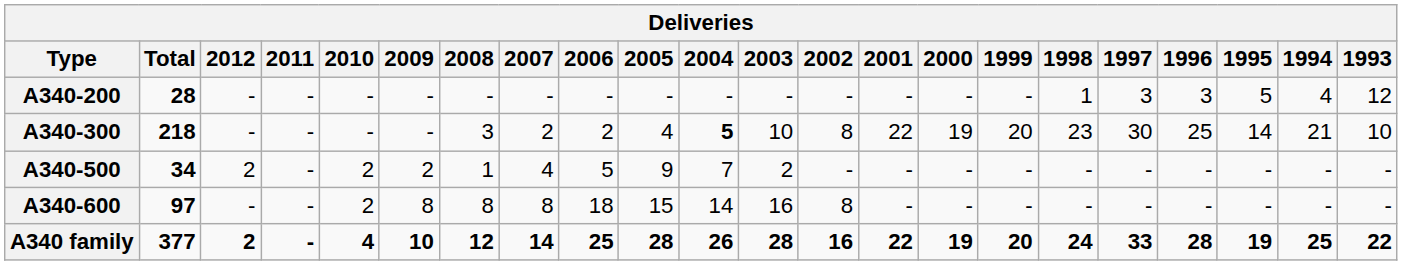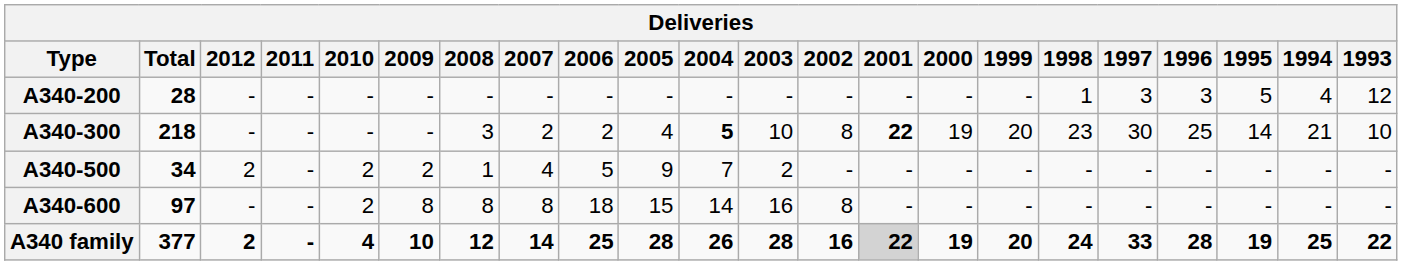 <table class="wikitable" style="text-align:right; font-size:96%;">
 <tr>
 <th colspan="22">Deliveries</th>
 </tr>
 <tr>
 <th>Type</th>
 <th>Total</th>
 <th>2012</th>
 <th>2011</th>
 <th>2010</th>
 <th>2009</th>
 <th>2008</th>
 <th>2007</th>
 <th>2006</th>
 <th>2005</th>
 <th>2004</th>
 <th>2003</th>
 <th>2002</th>
 <th>2001</th>
 <th>2000</th>
 <th>1999</th>
 <th>1998</th>
 <th>1997</th>
 <th>1996</th>
 <th>1995</th>
 <th>1994</th>
 <th>1993</th>
 </tr>
 <tr>
 <th>A340-200</th>
 <td><strong>28</strong></td>
 <td>-</td>
 <td>-</td>
 <td>-</td>
 <td>-</td>
 <td>-</td>
 <td>-</td>
 <td>-</td>
 <td>-</td>
 <td>-</td>
 <td>-</td>
 <td>-</td>
 <td>-</td>
 <td>-</td>
 <td>-</td>
 <td>1</td>
 <td>3</td>
 <td>3</td>
 <td>5</td>
 <td>4</td>
 <td>12</td>
 </tr>
 <tr>
 <th>A340-300</th>
 <td><strong>218</strong></td>
 <td>-</td>
 <td>-</td>
 <td>-</td>
 <td>-</td>
 <td>3</td>
 <td>2</td>
 <td>2</td>
 <td>4</td>
 <td><strong>5</strong></td>
 <td>10</td>
 <td>8</td>
-<td>22</td>
+<td><strong>22</strong></td>
 <td>19</td>
 <td>20</td>
 <td>23</td>
 <td>30</td>
 <td>25</td>
 <td>14</td>
 <td>21</td>
 <td>10</td>
 </tr>
 <tr>
 <th>A340-500</th>
 <td><strong>34</strong></td>
 <td>2</td>
 <td>-</td>
 <td>2</td>
 <td>2</td>
 <td>1</td>
 <td>4</td>
 <td>5</td>
 <td>9</td>
 <td>7</td>
 <td>2</td>
 <td>-</td>
 <td>-</td>
 <td>-</td>
 <td>-</td>
 <td>-</td>
 <td>-</td>
 <td>-</td>
 <td>-</td>
 <td>-</td>
 <td>-</td>
 </tr>
 <tr>
 <th>A340-600</th>
 <td><strong>97</strong></td>
 <td>-</td>
 <td>-</td>
 <td>2</td>
 <td>8</td>
 <td>8</td>
 <td>8</td>
 <td>18</td>
 <td>15</td>
 <td>14</td>
 <td>16</td>
 <td>8</td>
 <td>-</td>
 <td>-</td>
 <td>-</td>
 <td>-</td>
 <td>-</td>
 <td>-</td>
 <td>-</td>
 <td>-</td>
 <td>-</td>
 </tr>
 <tr>
 <th>A340 family</th>
 <td><strong>377</strong></td>
 <td><strong>2</strong></td>
 <td><strong>-</strong></td>
 <td><strong>4</strong></td>
 <td><strong>10</strong></td>
 <td><strong>12</strong></td>
 <td><strong>14</strong></td>
 <td><strong>25</strong></td>
 <td><strong>28</strong></td>
 <td><strong>26</strong></td>
 <td><strong>28</strong></td>
 <td><strong>16</strong></td>
-<td><strong>22</strong></td>
+<td style="background: lightgrey;"><strong>22</strong></td>
 <td><strong>19</strong></td>
 <td><strong>20</strong></td>
 <td><strong>24</strong></td>
 <td><strong>33</strong></td>
 <td><strong>28</strong></td>
 <td><strong>19</strong></td>
 <td><strong>25</strong></td>
 <td><strong>22</strong></td>
 </tr>
 </table>
